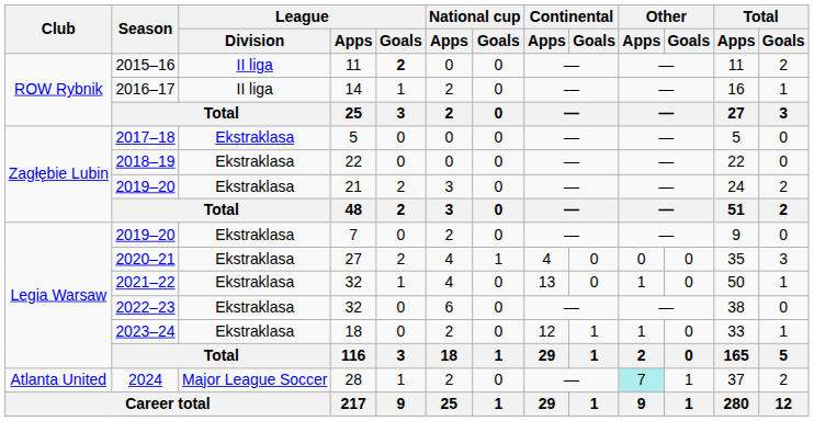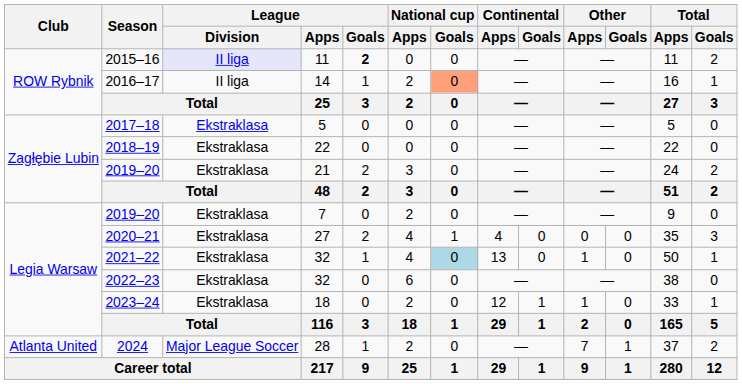 <table class="wikitable" style="text-align:center">
 <tr>
 <th rowspan="2">Club</th>
 <th rowspan="2">Season</th>
 <th colspan="3">League</th>
 <th colspan="2">National cup</th>
 <th colspan="2">Continental</th>
 <th colspan="2">Other</th>
 <th colspan="2">Total</th>
 </tr>
 <tr>
 <th>Division</th>
 <th>Apps</th>
 <th>Goals</th>
 <th>Apps</th>
 <th>Goals</th>
 <th>Apps</th>
 <th>Goals</th>
 <th>Apps</th>
 <th>Goals</th>
 <th>Apps</th>
 <th>Goals</th>
 </tr>
 <tr>
 <td rowspan="3"><a href='#'>ROW Rybnik</a></td>
 <td>2015–16</td>
-<td><a href='#'>II liga</a></td>
+<td style="background: lavender;"><a href='#'>II liga</a></td>
 <td>11</td>
 <td><strong>2</strong></td>
 <td>0</td>
 <td>0</td>
 <td colspan="2">—</td>
 <td colspan="2">—</td>
 <td>11</td>
 <td>2</td>
 </tr>
 <tr>
 <td>2016–17</td>
 <td>II liga</td>
 <td>14</td>
 <td>1</td>
 <td>2</td>
-<td>0</td>
+<td style="background: lightsalmon;">0</td>
 <td colspan="2">—</td>
 <td colspan="2">—</td>
 <td>16</td>
 <td>1</td>
 </tr>
 <tr>
 <th colspan="2">Total</th>
 <th>25</th>
 <th>3</th>
 <th>2</th>
 <th>0</th>
 <th colspan="2">—</th>
 <th colspan="2">—</th>
 <th>27</th>
 <th>3</th>
 </tr>
 <tr>
 <td rowspan="4"><a href='#'>Zagłębie Lubin</a></td>
 <td><a href='#'>2017–18</a></td>
 <td><a href='#'>Ekstraklasa</a></td>
 <td>5</td>
 <td>0</td>
 <td>0</td>
 <td>0</td>
 <td colspan="2">—</td>
 <td colspan="2">—</td>
 <td>5</td>
 <td>0</td>
 </tr>
 <tr>
 <td><a href='#'>2018–19</a></td>
 <td>Ekstraklasa</td>
 <td>22</td>
 <td>0</td>
 <td>0</td>
 <td>0</td>
 <td colspan="2">—</td>
 <td colspan="2">—</td>
 <td>22</td>
 <td>0</td>
 </tr>
 <tr>
 <td><a href='#'>2019–20</a></td>
 <td>Ekstraklasa</td>
 <td>21</td>
 <td>2</td>
 <td>3</td>
 <td>0</td>
 <td colspan="2">—</td>
 <td colspan="2">—</td>
 <td>24</td>
 <td>2</td>
 </tr>
 <tr>
 <th colspan="2">Total</th>
 <th>48</th>
 <th>2</th>
 <th>3</th>
 <th>0</th>
 <th colspan="2">—</th>
 <th colspan="2">—</th>
 <th>51</th>
 <th>2</th>
 </tr>
 <tr>
 <td rowspan="6"><a href='#'>Legia Warsaw</a></td>
 <td><a href='#'>2019–20</a></td>
 <td>Ekstraklasa</td>
 <td>7</td>
 <td>0</td>
 <td>2</td>
 <td>0</td>
 <td colspan="2">—</td>
 <td colspan="2">—</td>
 <td>9</td>
 <td>0</td>
 </tr>
 <tr>
 <td><a href='#'>2020–21</a></td>
 <td>Ekstraklasa</td>
 <td>27</td>
 <td>2</td>
 <td>4</td>
 <td>1</td>
 <td>4</td>
 <td>0</td>
 <td>0</td>
 <td>0</td>
 <td>35</td>
 <td>3</td>
 </tr>
 <tr>
 <td><a href='#'>2021–22</a></td>
 <td>Ekstraklasa</td>
 <td>32</td>
 <td>1</td>
 <td>4</td>
-<td>0</td>
+<td style="background: lightblue;">0</td>
 <td>13</td>
 <td>0</td>
 <td>1</td>
 <td>0</td>
 <td>50</td>
 <td>1</td>
 </tr>
 <tr>
 <td><a href='#'>2022–23</a></td>
 <td>Ekstraklasa</td>
 <td>32</td>
 <td>0</td>
 <td>6</td>
 <td>0</td>
 <td colspan="2">—</td>
 <td colspan="2">—</td>
 <td>38</td>
 <td>0</td>
 </tr>
 <tr>
 <td><a href='#'>2023–24</a></td>
 <td>Ekstraklasa</td>
 <td>18</td>
 <td>0</td>
 <td>2</td>
 <td>0</td>
 <td>12</td>
 <td>1</td>
 <td>1</td>
 <td>0</td>
 <td>33</td>
 <td>1</td>
 </tr>
 <tr>
 <th colspan="2">Total</th>
 <th>116</th>
 <th>3</th>
 <th>18</th>
 <th>1</th>
 <th>29</th>
 <th>1</th>
 <th>2</th>
 <th>0</th>
 <th>165</th>
 <th>5</th>
 </tr>
 <tr>
 <td><a href='#'>Atlanta United</a></td>
 <td><a href='#'>2024</a></td>
 <td><a href='#'>Major League Soccer</a></td>
 <td>28</td>
 <td>1</td>
 <td>2</td>
 <td>0</td>
 <td colspan="2">—</td>
-<td style="background: paleturquoise;">7</td>
+<td>7</td>
 <td>1</td>
 <td>37</td>
 <td>2</td>
 </tr>
 <tr>
 <th colspan="3">Career total</th>
 <th>217</th>
 <th>9</th>
 <th>25</th>
 <th>1</th>
 <th>29</th>
 <th>1</th>
 <th>9</th>
 <th>1</th>
 <th>280</th>
 <th>12</th>
 </tr>
 </table>
